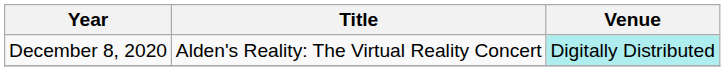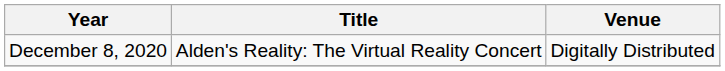 <table class="wikitable sortable">
 <tr style="text-align:center;">
 <th>Year</th>
 <th>Title</th>
 <th>Venue</th>
 </tr>
 <tr>
 <td>December 8, 2020</td>
 <td>Alden's Reality: The Virtual Reality Concert</td>
-<td style="background: paleturquoise;">Digitally Distributed</td>
+<td>Digitally Distributed</td>
 </tr>
 <tr>
 </tr>
 </table>
